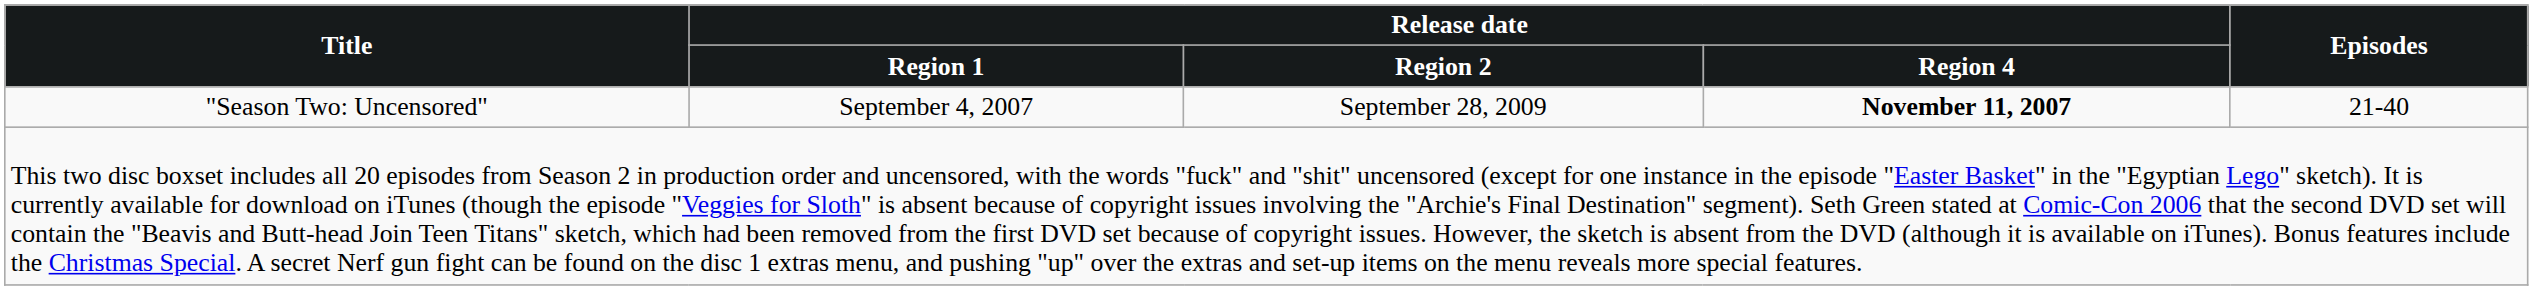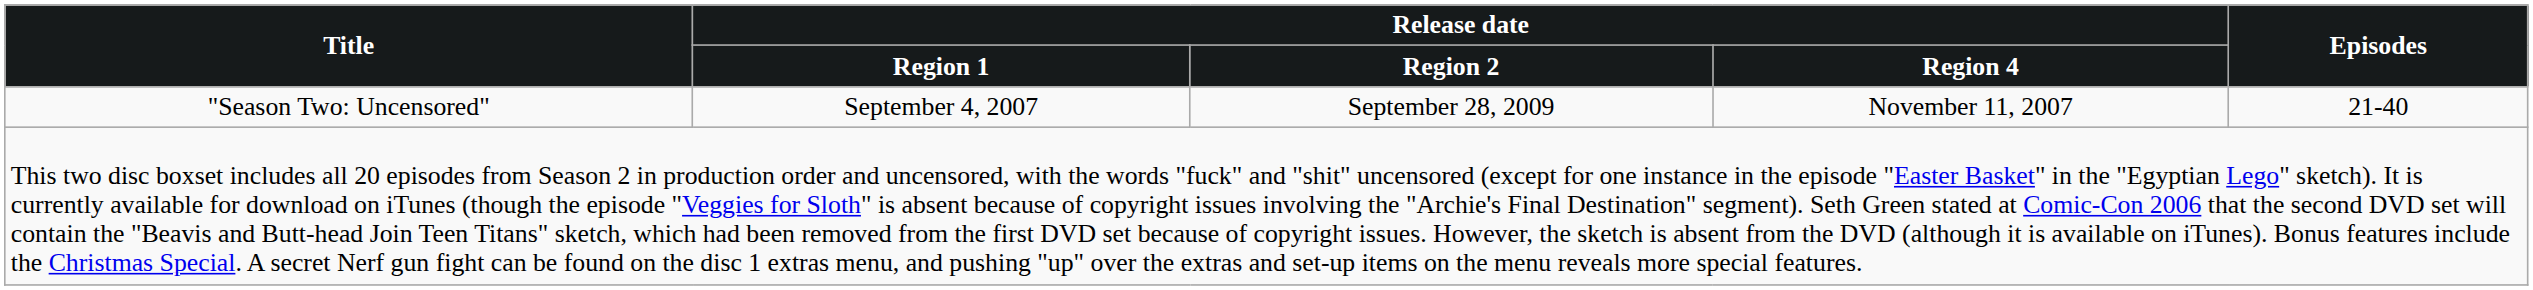 <table class="wikitable">
 <tr>
 <th rowspan="2" style="background-color: #161a1b; color: #ffffff;">Title</th>
 <th colspan="3" style="background-color: #161a1b; color: #ffffff;">Release date</th>
 <th rowspan="2" style="background-color: #161a1b; color: #ffffff;">Episodes</th>
 </tr>
 <tr>
 <th style="background-color: #161a1b; color: #ffffff;">Region 1</th>
 <th style="background-color: #161a1b; color: #ffffff;">Region 2</th>
 <th style="background-color: #161a1b; color: #ffffff;">Region 4</th>
 </tr>
 <tr style="text-align:center;">
 <td>"Season Two: Uncensored"</td>
 <td>September 4, 2007</td>
 <td>September 28, 2009</td>
-<td><strong>November 11, 2007</strong></td>
+<td>November 11, 2007</td>
 <td>21-40</td>
 </tr>
 <tr>
 <td colspan="5"><br>This two disc boxset includes all 20 episodes from Season 2 in production order and uncensored, with the words "fuck" and "shit" uncensored (except for one instance in the episode "<a href='#'>Easter Basket</a>" in the "Egyptian <a href='#'>Lego</a>" sketch). It is currently available for download on iTunes (though the episode "<a href='#'>Veggies for Sloth</a>" is absent because of copyright issues involving the "Archie's Final Destination" segment). Seth Green stated at <a href='#'>Comic-Con 2006</a> that the second DVD set will contain the "Beavis and Butt-head Join Teen Titans" sketch, which had been removed from the first DVD set because of copyright issues. However, the sketch is absent from the DVD (although it is available on iTunes). Bonus features include the <a href='#'>Christmas Special</a>. A secret Nerf gun fight can be found on the disc 1 extras menu, and pushing "up" over the extras and set-up items on the menu reveals more special features.</td>
 </tr>
 </table>
